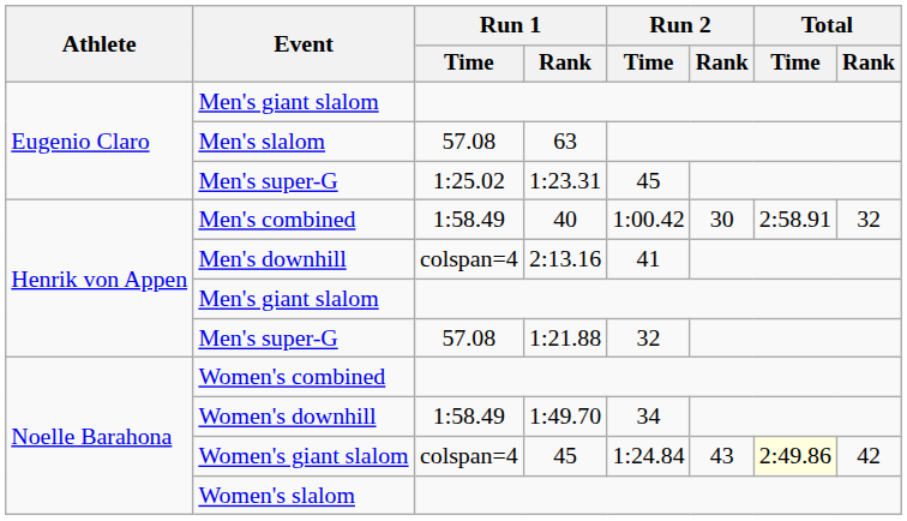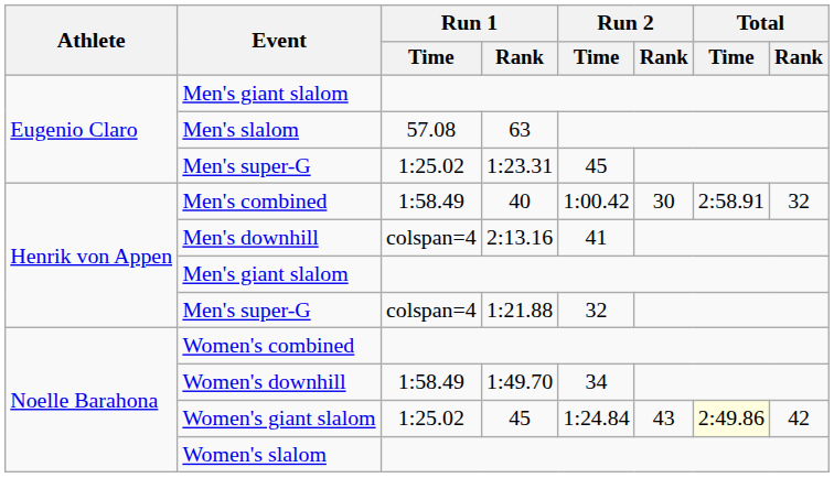 <table class="wikitable" style="font-size:90%">
 <tr>
 <th rowspan=2>Athlete</th>
 <th rowspan=2>Event</th>
 <th colspan=2>Run 1</th>
 <th colspan=2>Run 2</th>
 <th colspan=2>Total</th>
 </tr>
 <tr style="font-size:95%">
 <th>Time</th>
 <th>Rank</th>
 <th>Time</th>
 <th>Rank</th>
 <th>Time</th>
 <th>Rank</th>
 </tr>
 <tr align=center>
 <td align=left rowspan=3><a href='#'>Eugenio Claro</a></td>
 <td align=left><a href='#'>Men's giant slalom</a></td>
 <td colspan="6"></td>
 </tr>
 <tr align=center>
 <td align=left><a href='#'>Men's slalom</a></td>
 <td>57.08</td>
 <td>63</td>
 <td colspan=4></td>
 </tr>
 <tr align=center>
 <td align=left><a href='#'>Men's super-G</a></td>
 <td>1:25.02</td>
 <td>1:23.31</td>
 <td>45</td>
 </tr>
 <tr align=center>
 <td align=left rowspan=4><a href='#'>Henrik von Appen</a></td>
 <td align=left><a href='#'>Men's combined</a></td>
 <td>1:58.49</td>
 <td>40</td>
 <td>1:00.42</td>
 <td>30</td>
 <td>2:58.91</td>
 <td>32</td>
 </tr>
 <tr align=center>
 <td align=left><a href='#'>Men's downhill</a></td>
 <td>colspan=4 </td>
 <td>2:13.16</td>
 <td>41</td>
 </tr>
 <tr align=center>
 <td align=left><a href='#'>Men's giant slalom</a></td>
 <td colspan="6"></td>
 </tr>
 <tr align=center>
 <td align=left><a href='#'>Men's super-G</a></td>
-<td>57.08</td>
+<td>colspan=4 </td>
 <td>1:21.88</td>
 <td>32</td>
 </tr>
 <tr align=center>
 <td align=left rowspan=4><a href='#'>Noelle Barahona</a></td>
 <td align=left><a href='#'>Women's combined</a></td>
 <td colspan=6></td>
 </tr>
 <tr align=center>
 <td align=left><a href='#'>Women's downhill</a></td>
 <td>1:58.49</td>
 <td>1:49.70</td>
 <td>34</td>
 </tr>
 <tr align=center>
 <td align=left><a href='#'>Women's giant slalom</a></td>
-<td>colspan=4 </td>
+<td>1:25.02</td>
 <td>45</td>
 <td>1:24.84</td>
 <td>43</td>
 <td style="background: lightyellow;">2:49.86</td>
 <td>42</td>
 </tr>
 <tr align=center>
 <td align=left><a href='#'>Women's slalom</a></td>
 <td colspan=6></td>
 </tr>
 </table>
